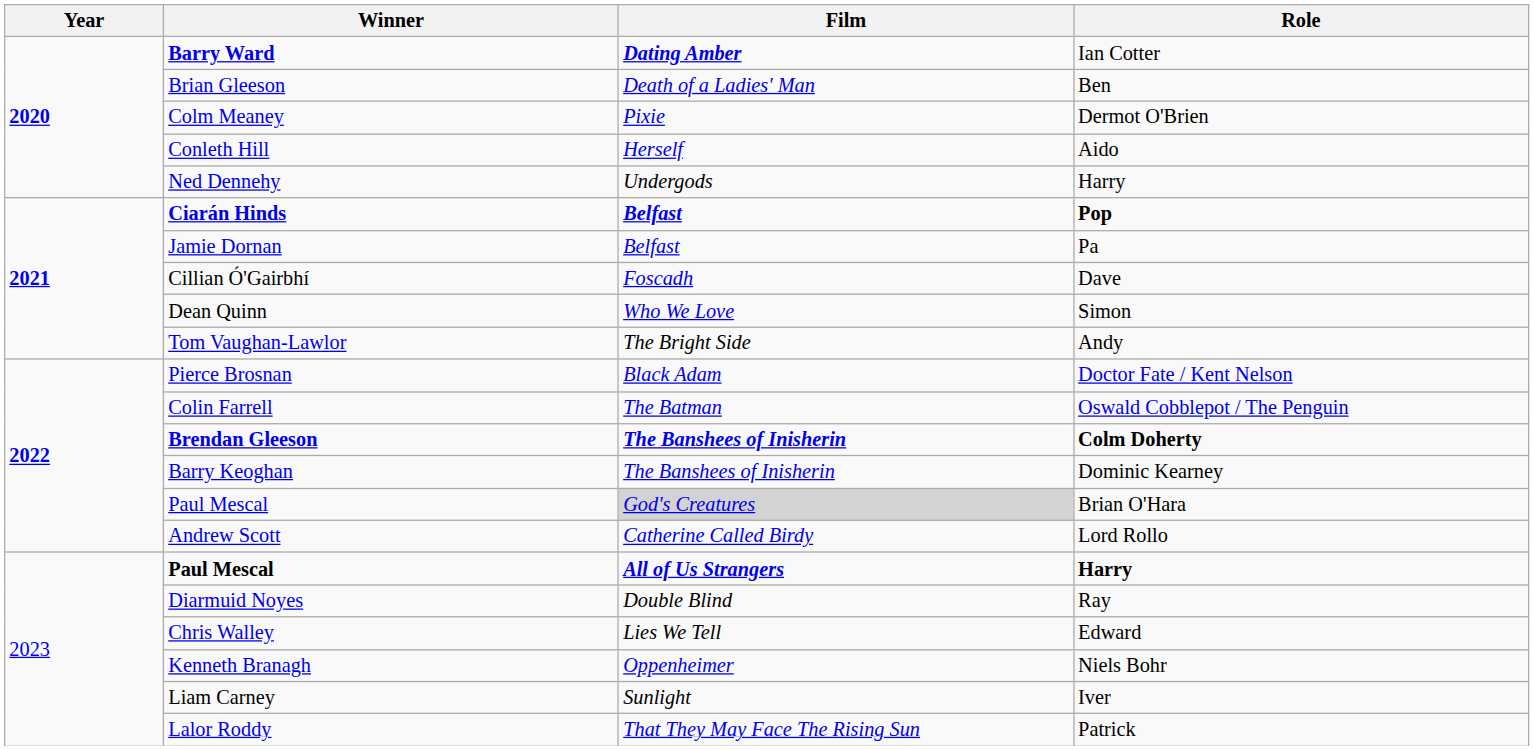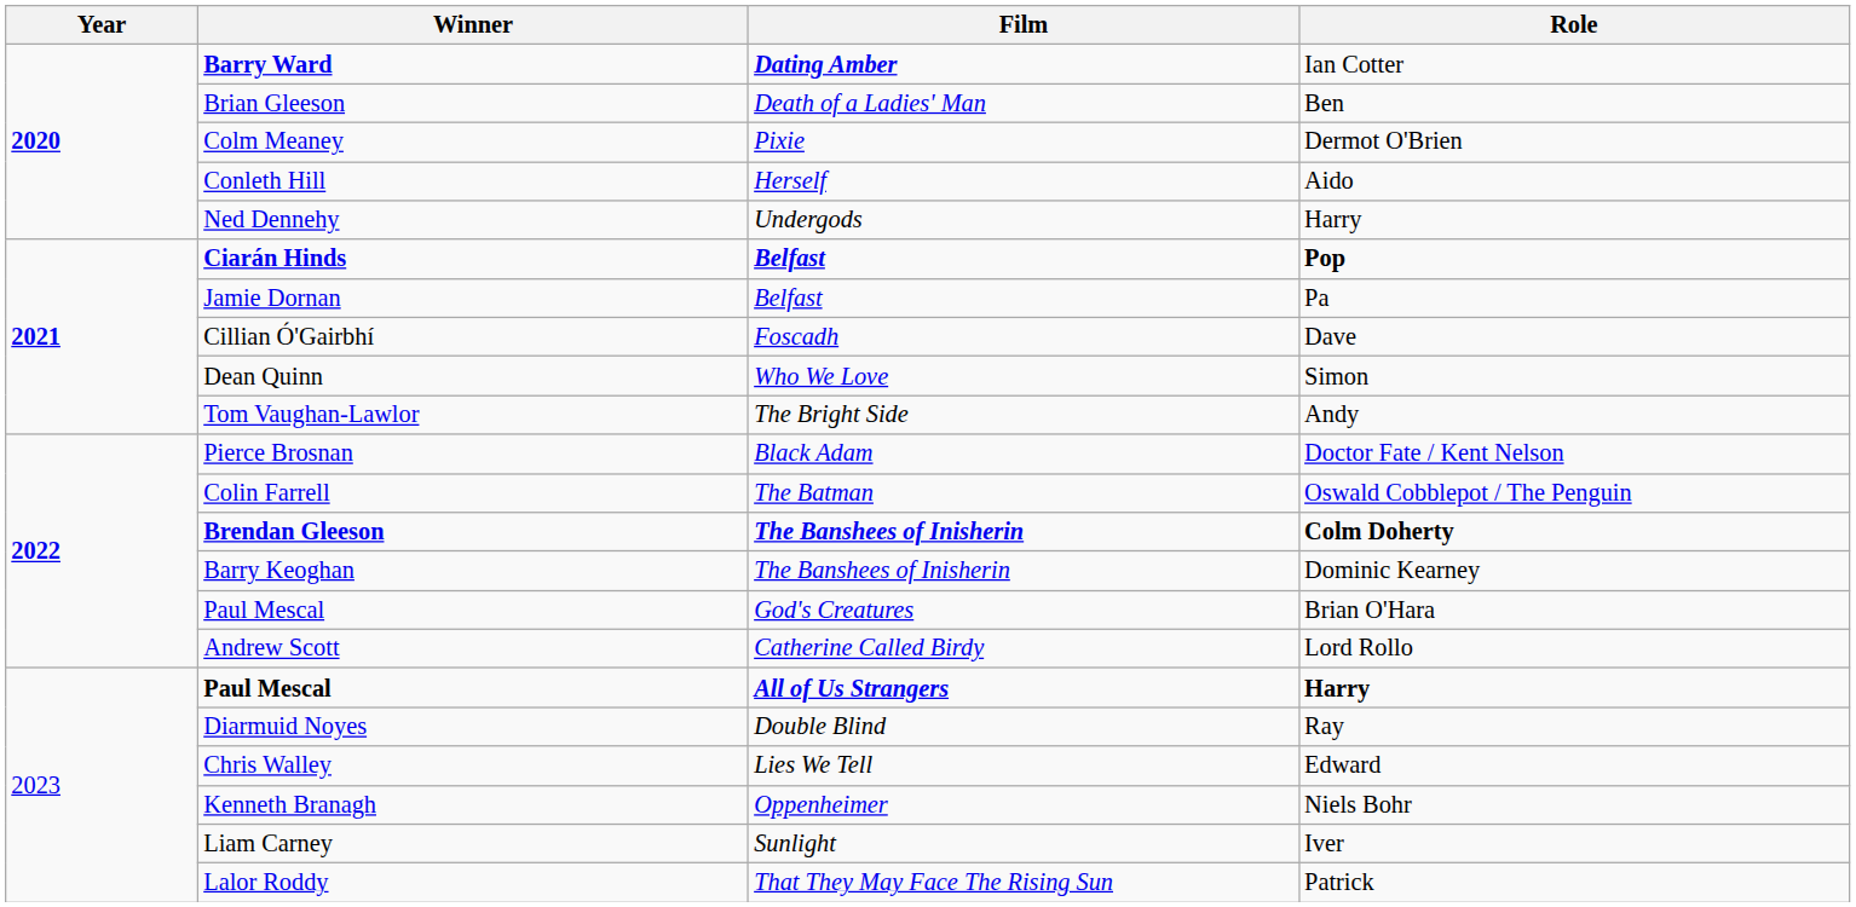 <table class="wikitable" width="95%" cellpadding="5">
 <tr>
 <th width="100"><strong>Year</strong></th>
 <th width="300"><strong>Winner</strong></th>
 <th width="300"><strong>Film</strong></th>
 <th width="300"><strong>Role</strong></th>
 </tr>
 <tr>
 <td rowspan="5"><strong><a href='#'>2020</a></strong></td>
 <td><strong><a href='#'>Barry Ward</a></strong></td>
 <td><strong><em><a href='#'>Dating Amber</a></em></strong></td>
 <td>Ian Cotter</td>
 </tr>
 <tr>
 <td><a href='#'>Brian Gleeson</a></td>
 <td><a href='#'><em>Death of a Ladies' Man</em></a></td>
 <td>Ben</td>
 </tr>
 <tr>
 <td><a href='#'>Colm Meaney</a></td>
 <td><a href='#'><em>Pixie</em></a></td>
 <td>Dermot O'Brien</td>
 </tr>
 <tr>
 <td><a href='#'>Conleth Hill</a></td>
 <td><a href='#'><em>Herself</em></a></td>
 <td>Aido</td>
 </tr>
 <tr>
 <td><a href='#'>Ned Dennehy</a></td>
 <td><em>Undergods</em></td>
 <td>Harry</td>
 </tr>
 <tr>
 <td rowspan="5"><a href='#'><strong>2021</strong></a></td>
 <td><strong><a href='#'>Ciarán Hinds</a></strong></td>
 <td><em><a href='#'><strong>Belfast</strong></a></em></td>
 <td><strong>Pop</strong></td>
 </tr>
 <tr>
 <td><a href='#'>Jamie Dornan</a></td>
 <td><em><a href='#'>Belfast</a></em></td>
 <td>Pa</td>
 </tr>
 <tr>
 <td>Cillian Ó'Gairbhí</td>
 <td><em><a href='#'>Foscadh</a></em></td>
 <td>Dave</td>
 </tr>
 <tr>
 <td>Dean Quinn</td>
 <td><em><a href='#'>Who We Love</a></em></td>
 <td>Simon</td>
 </tr>
 <tr>
 <td><a href='#'>Tom Vaughan-Lawlor</a></td>
 <td><em>The Bright Side</em></td>
 <td>Andy</td>
 </tr>
 <tr>
 <td rowspan="6"><a href='#'><strong>2022</strong></a></td>
 <td><a href='#'>Pierce Brosnan</a></td>
 <td><a href='#'><em>Black Adam</em></a></td>
 <td><a href='#'>Doctor Fate / Kent Nelson</a></td>
 </tr>
 <tr>
 <td><a href='#'>Colin Farrell</a></td>
 <td><a href='#'><em>The Batman</em></a></td>
 <td><a href='#'>Oswald Cobblepot / The Penguin</a></td>
 </tr>
 <tr>
 <td><strong><a href='#'>Brendan Gleeson</a></strong></td>
 <td><strong><em><a href='#'>The Banshees of Inisherin</a></em></strong></td>
 <td><strong>Colm Doherty</strong></td>
 </tr>
 <tr>
 <td><a href='#'>Barry Keoghan</a></td>
 <td><em><a href='#'>The Banshees of Inisherin</a></em></td>
 <td>Dominic Kearney</td>
 </tr>
 <tr>
 <td><a href='#'>Paul Mescal</a></td>
-<td style="background: lightgrey;"><a href='#'><em>God's Creatures</em></a></td>
+<td><a href='#'><em>God's Creatures</em></a></td>
 <td>Brian O'Hara</td>
 </tr>
 <tr>
 <td><a href='#'>Andrew Scott</a></td>
 <td><a href='#'><em>Catherine Called Birdy</em></a></td>
 <td>Lord Rollo</td>
 </tr>
 <tr>
 <td rowspan="6'"><a href='#'>2023</a></td>
 <td><strong>Paul Mescal</strong></td>
 <td><strong><em><a href='#'>All of Us Strangers</a></em></strong></td>
 <td><strong>Harry</strong></td>
 </tr>
 <tr>
 <td><a href='#'>Diarmuid Noyes</a></td>
 <td><em>Double Blind</em></td>
 <td>Ray</td>
 </tr>
 <tr>
 <td><a href='#'>Chris Walley</a></td>
 <td><em>Lies We Tell</em></td>
 <td>Edward</td>
 </tr>
 <tr>
 <td><a href='#'>Kenneth Branagh</a></td>
 <td><em><a href='#'>Oppenheimer</a></em></td>
 <td>Niels Bohr</td>
 </tr>
 <tr>
 <td>Liam Carney</td>
 <td><em>Sunlight</em></td>
 <td>Iver</td>
 </tr>
 <tr>
 <td><a href='#'>Lalor Roddy</a></td>
 <td><em><a href='#'>That They May Face The Rising Sun</a></em></td>
 <td>Patrick</td>
 </tr>
 </table>
